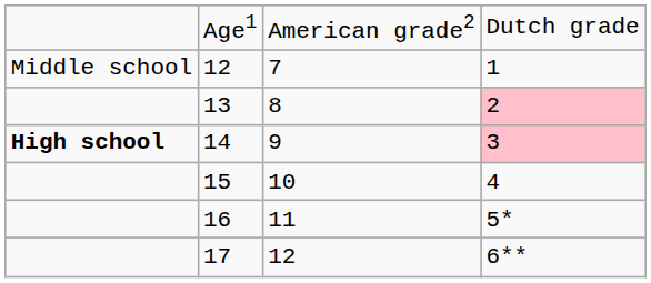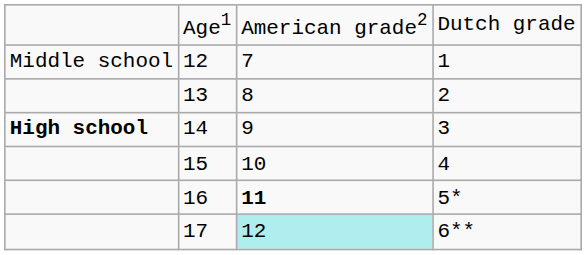 <table class="wikitable">
 <tr>
 <td></td>
 <td>Age<sup>1</sup></td>
 <td>American grade<sup>2</sup></td>
 <td>Dutch grade</td>
 </tr>
 <tr>
 <td>Middle school</td>
 <td>12</td>
 <td>7</td>
 <td>1</td>
 </tr>
 <tr>
 <td></td>
 <td>13</td>
 <td>8</td>
-<td style="background: pink;">2</td>
+<td>2</td>
 </tr>
 <tr>
 <td><strong>High school</strong></td>
 <td>14</td>
 <td>9</td>
-<td style="background: pink;">3</td>
+<td>3</td>
 </tr>
 <tr>
 <td></td>
 <td>15</td>
 <td>10</td>
 <td>4</td>
 </tr>
 <tr>
 <td></td>
 <td>16</td>
-<td>11</td>
+<td><strong>11</strong></td>
 <td>5*</td>
 </tr>
 <tr>
 <td></td>
 <td>17</td>
-<td>12</td>
+<td style="background: paleturquoise;">12</td>
 <td>6**</td>
 </tr>
 </table>
